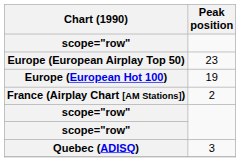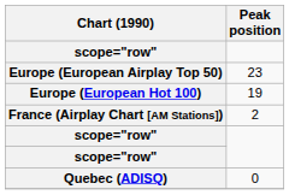 <table class="wikitable sortable plainrowheaders">
 <tr>
 <th scope="col">Chart (1990)</th>
 <th scope="col">Peak<br>position</th>
 </tr>
 <tr>
 <th>scope="row"</th>
 </tr>
 <tr>
 <th scope="row">Europe (European Airplay Top 50)</th>
 <td align="center">23</td>
 </tr>
 <tr>
 <th scope="row">Europe (<a href='#'>European Hot 100</a>)</th>
 <td align="center">19</td>
 </tr>
 <tr>
 <th scope="row">France (Airplay Chart <small>[AM Stations]</small>)</th>
 <td align="center">2</td>
 </tr>
 <tr>
 <th>scope="row"</th>
 </tr>
 <tr>
 <th>scope="row"</th>
 </tr>
 <tr>
 <th scope="row">Quebec (<a href='#'>ADISQ</a>)</th>
-<td align="center">3</td>
+<td align="center">0</td>
 </tr>
 <tr>
 </tr>
 </table>
